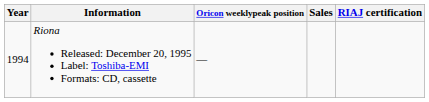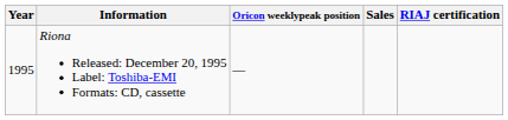 <table class="wikitable">
 <tr>
 <th>Year</th>
 <th>Information</th>
 <th><small><a href='#'>Oricon</a> weekly</small><small>peak position</small></th>
 <th>Sales</th>
 <th><a href='#'>RIAJ</a> certification</th>
 </tr>
 <tr>
-<td>1994</td>
+<td>1995</td>
 <td><em>Riona</em><br><ul><li>Released: December 20, 1995</li><li>Label: <a href='#'>Toshiba-EMI</a></li><li>Formats: CD, cassette</li></ul></td>
 <td>—</td>
 <td></td>
 <td></td>
 </tr>
 </table>
